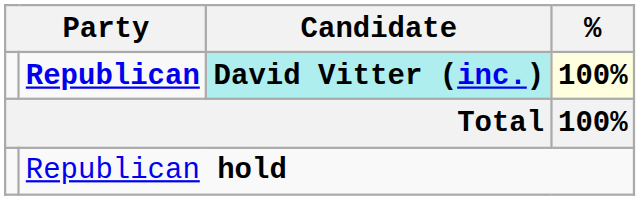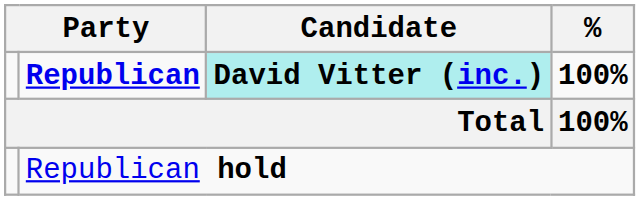 <table class="wikitable">
 <tr>
 <th colspan=2>Party</th>
 <th>Candidate</th>
 <th>%</th>
 </tr>
 <tr>
 <td></td>
 <td><strong><a href='#'>Republican</a></strong></td>
 <td style="background: paleturquoise;"><strong>David Vitter (<a href='#'>inc.</a>)</strong></td>
-<td align=center style="background: lightyellow;"><strong>100%</strong></td>
+<td align=center><strong>100%</strong></td>
 </tr>
 <tr>
 <th colspan=3; style="text-align:right;">Total</th>
 <th align=center>100%</th>
 </tr>
 <tr>
 <td></td>
 <td colspan=6; style="text-align:left;"><a href='#'>Republican</a> <strong>hold</strong></td>
 </tr>
 </table>
